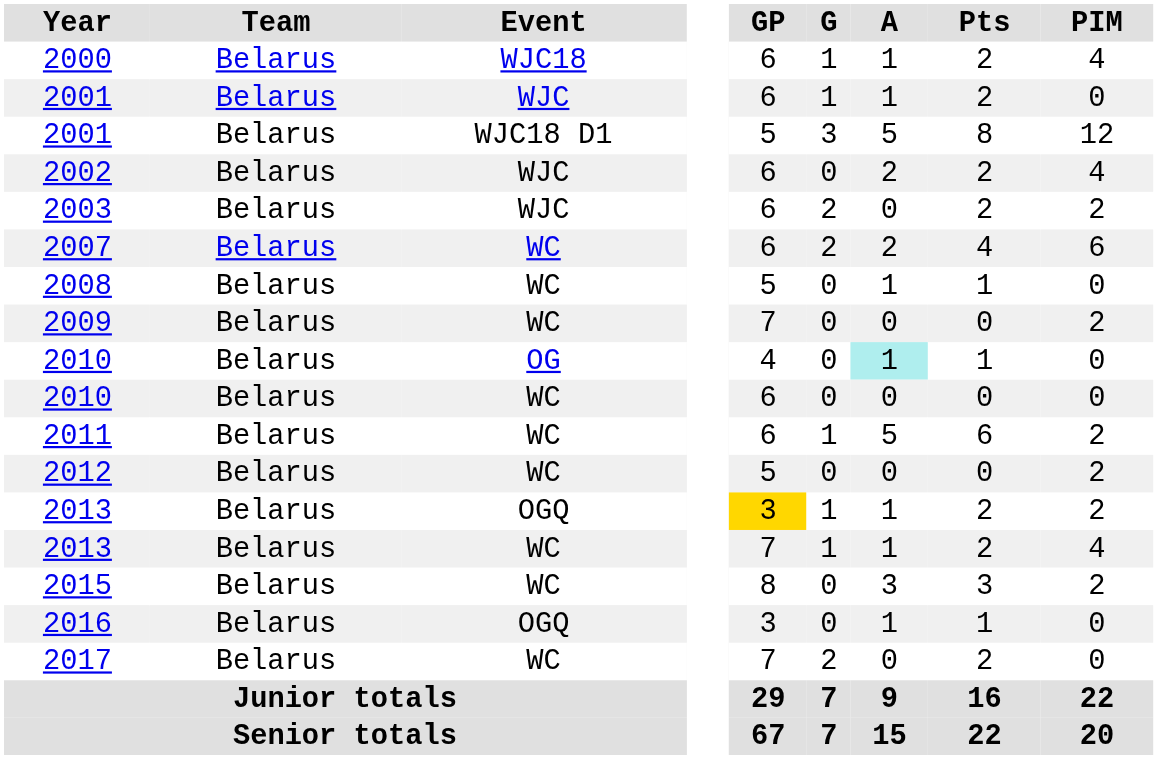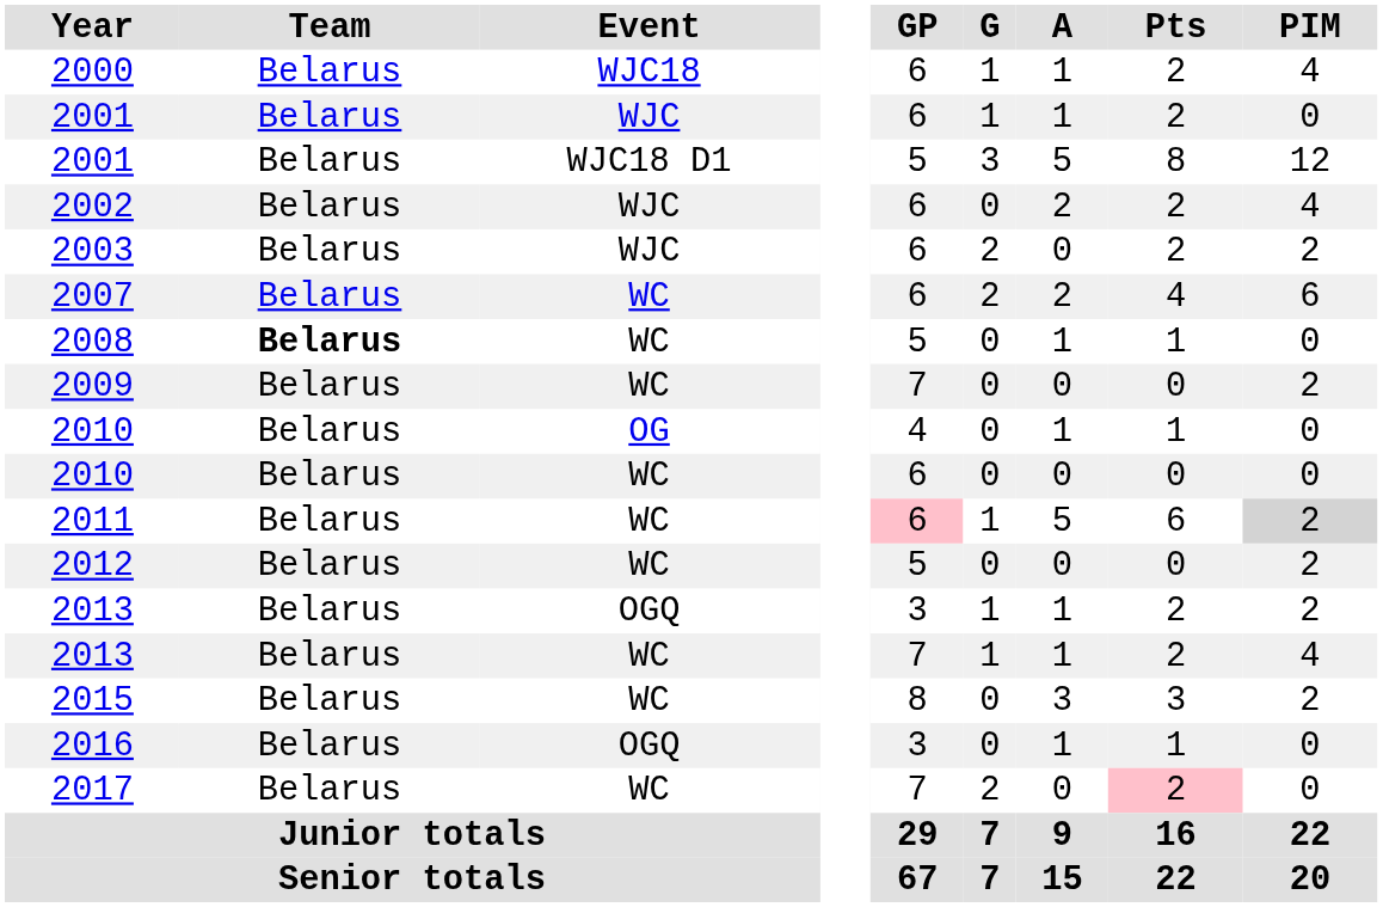 <table border="0" cellpadding="1" cellspacing="0" style="text-align:center; width:40em">
 <tr ALIGN="center" bgcolor="#e0e0e0">
 <th>Year</th>
 <th>Team</th>
 <th>Event</th>
 <th ALIGN="center" rowspan="99" bgcolor="#ffffff"> </th>
 <th>GP</th>
 <th>G</th>
 <th>A</th>
 <th>Pts</th>
 <th>PIM</th>
 </tr>
 <tr>
 <td><a href='#'>2000</a></td>
 <td><a href='#'>Belarus</a></td>
 <td><a href='#'>WJC18</a></td>
 <td>6</td>
 <td>1</td>
 <td>1</td>
 <td>2</td>
 <td>4</td>
 </tr>
 <tr bgcolor="#f0f0f0">
 <td><a href='#'>2001</a></td>
 <td><a href='#'>Belarus</a></td>
 <td><a href='#'>WJC</a></td>
 <td>6</td>
 <td>1</td>
 <td>1</td>
 <td>2</td>
 <td>0</td>
 </tr>
 <tr>
 <td><a href='#'>2001</a></td>
 <td>Belarus</td>
 <td>WJC18 D1</td>
 <td>5</td>
 <td>3</td>
 <td>5</td>
 <td>8</td>
 <td>12</td>
 </tr>
 <tr bgcolor="#f0f0f0">
 <td><a href='#'>2002</a></td>
 <td>Belarus</td>
 <td>WJC</td>
 <td>6</td>
 <td>0</td>
 <td>2</td>
 <td>2</td>
 <td>4</td>
 </tr>
 <tr>
 <td><a href='#'>2003</a></td>
 <td>Belarus</td>
 <td>WJC</td>
 <td>6</td>
 <td>2</td>
 <td>0</td>
 <td>2</td>
 <td>2</td>
 </tr>
 <tr bgcolor="#f0f0f0">
 <td><a href='#'>2007</a></td>
 <td><a href='#'>Belarus</a></td>
 <td><a href='#'>WC</a></td>
 <td>6</td>
 <td>2</td>
 <td>2</td>
 <td>4</td>
 <td>6</td>
 </tr>
 <tr>
 <td><a href='#'>2008</a></td>
-<td>Belarus</td>
+<td><strong>Belarus</strong></td>
 <td>WC</td>
 <td>5</td>
 <td>0</td>
 <td>1</td>
 <td>1</td>
 <td>0</td>
 </tr>
 <tr bgcolor="#f0f0f0">
 <td><a href='#'>2009</a></td>
 <td>Belarus</td>
 <td>WC</td>
 <td>7</td>
 <td>0</td>
 <td>0</td>
 <td>0</td>
 <td>2</td>
 </tr>
 <tr>
 <td><a href='#'>2010</a></td>
 <td>Belarus</td>
 <td><a href='#'>OG</a></td>
 <td>4</td>
 <td>0</td>
-<td style="background: paleturquoise;">1</td>
+<td>1</td>
 <td>1</td>
 <td>0</td>
 </tr>
 <tr bgcolor="#f0f0f0">
 <td><a href='#'>2010</a></td>
 <td>Belarus</td>
 <td>WC</td>
 <td>6</td>
 <td>0</td>
 <td>0</td>
 <td>0</td>
 <td>0</td>
 </tr>
 <tr>
 <td><a href='#'>2011</a></td>
 <td>Belarus</td>
 <td>WC</td>
-<td>6</td>
+<td style="background: pink;">6</td>
 <td>1</td>
 <td>5</td>
 <td>6</td>
-<td>2</td>
+<td style="background: lightgrey;">2</td>
 </tr>
 <tr bgcolor="#f0f0f0">
 <td><a href='#'>2012</a></td>
 <td>Belarus</td>
 <td>WC</td>
 <td>5</td>
 <td>0</td>
 <td>0</td>
 <td>0</td>
 <td>2</td>
 </tr>
 <tr>
 <td><a href='#'>2013</a></td>
 <td>Belarus</td>
 <td>OGQ</td>
-<td style="background: gold;">3</td>
+<td>3</td>
 <td>1</td>
 <td>1</td>
 <td>2</td>
 <td>2</td>
 </tr>
 <tr bgcolor="#f0f0f0">
 <td><a href='#'>2013</a></td>
 <td>Belarus</td>
 <td>WC</td>
 <td>7</td>
 <td>1</td>
 <td>1</td>
 <td>2</td>
 <td>4</td>
 </tr>
 <tr>
 <td><a href='#'>2015</a></td>
 <td>Belarus</td>
 <td>WC</td>
 <td>8</td>
 <td>0</td>
 <td>3</td>
 <td>3</td>
 <td>2</td>
 </tr>
 <tr bgcolor="#f0f0f0">
 <td><a href='#'>2016</a></td>
 <td>Belarus</td>
 <td>OGQ</td>
 <td>3</td>
 <td>0</td>
 <td>1</td>
 <td>1</td>
 <td>0</td>
 </tr>
 <tr>
 <td><a href='#'>2017</a></td>
 <td>Belarus</td>
 <td>WC</td>
 <td>7</td>
 <td>2</td>
 <td>0</td>
-<td>2</td>
+<td style="background: pink;">2</td>
 <td>0</td>
 </tr>
 <tr bgcolor="#e0e0e0">
 <th colspan="3">Junior totals</th>
 <th>29</th>
 <th>7</th>
 <th>9</th>
 <th>16</th>
 <th>22</th>
 </tr>
 <tr bgcolor="#e0e0e0">
 <th colspan="3">Senior totals</th>
 <th>67</th>
 <th>7</th>
 <th>15</th>
 <th>22</th>
 <th>20</th>
 </tr>
 </table>
